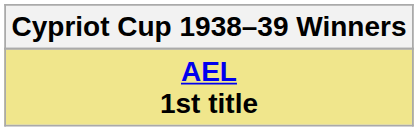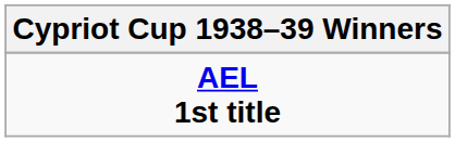 <table class="wikitable" style="text-align:center;margin: 0 auto;">
 <tr>
 <th>Cypriot Cup 1938–39 Winners</th>
 </tr>
 <tr>
 </tr>
 <tr>
-<td style="background: khaki;"><strong><a href='#'>AEL</a></strong><br><strong>1st title</strong></td>
+<td><strong><a href='#'>AEL</a></strong><br><strong>1st title</strong></td>
 </tr>
 </table>
